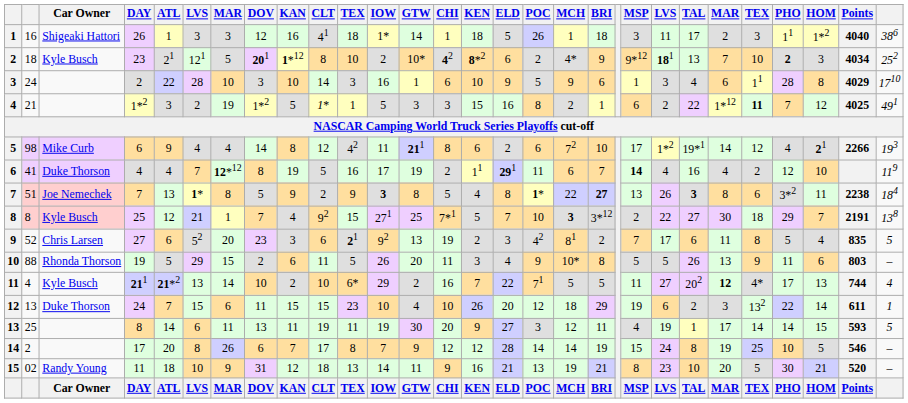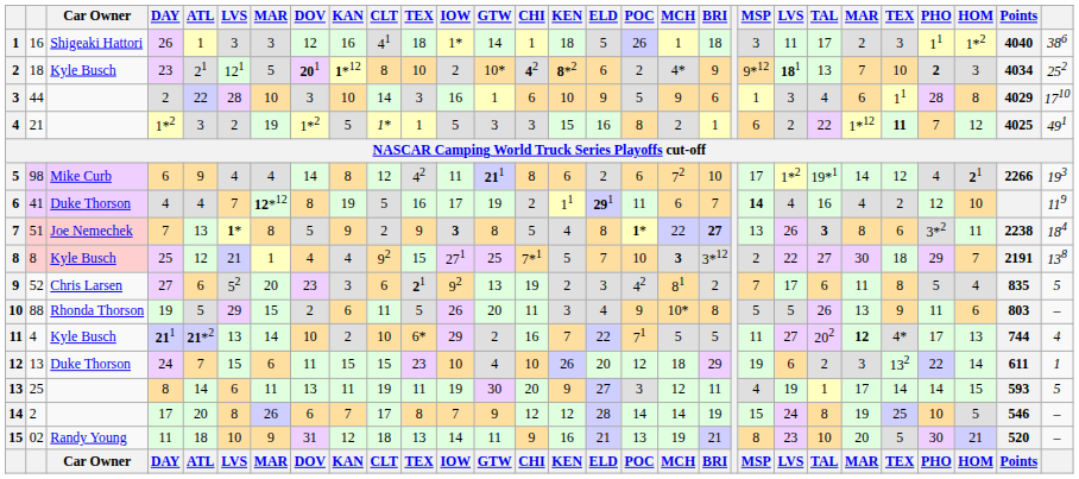 <table class="wikitable" style="font-size:77%; text-align:center;">
 <tr valign="top">
 <th valign="middle"></th>
 <th valign="middle"></th>
 <th valign="middle">Car Owner</th>
 <th><a href='#'>DAY</a></th>
 <th><a href='#'>ATL</a></th>
 <th><a href='#'>LVS</a></th>
 <th><a href='#'>MAR</a></th>
 <th><a href='#'>DOV</a></th>
 <th><a href='#'>KAN</a></th>
 <th><a href='#'>CLT</a></th>
 <th><a href='#'>TEX</a></th>
 <th><a href='#'>IOW</a></th>
 <th><a href='#'>GTW</a></th>
 <th><a href='#'>CHI</a></th>
 <th><a href='#'>KEN</a></th>
 <th><a href='#'>ELD</a></th>
 <th><a href='#'>POC</a></th>
 <th><a href='#'>MCH</a></th>
 <th><a href='#'>BRI</a></th>
 <th rowspan=5></th>
 <th><a href='#'>MSP</a></th>
 <th><a href='#'>LVS</a></th>
 <th><a href='#'>TAL</a></th>
 <th><a href='#'>MAR</a></th>
 <th><a href='#'>TEX</a></th>
 <th><a href='#'>PHO</a></th>
 <th><a href='#'>HOM</a></th>
 <th valign="middle"><a href='#'>Points</a></th>
 <th valign="middle"></th>
 </tr>
 <tr>
 <th>1</th>
 <td align="left">16</td>
 <td align="left"><a href='#'>Shigeaki Hattori</a></td>
 <td style="background:#efcfff">26</td>
 <td style="background:#ffffbf">1</td>
 <td style="background:#dfdfdf">3</td>
 <td style="background:#dfdfdf">3</td>
 <td style="background:#dfffdf">12</td>
 <td style="background:#dfffdf">16</td>
 <td style="background:#dfdfdf">4<sup>1</sup></td>
 <td style="background:#dfffdf">18</td>
 <td style="background:#ffffbf">1*</td>
 <td style="background:#dfffdf">14</td>
 <td style="background:#ffffbf">1</td>
 <td style="background:#dfffdf">18</td>
 <td style="background:#dfdfdf">5</td>
 <td style="background:#cfcfff">26</td>
 <td style="background:#ffffbf">1</td>
 <td style="background:#dfffdf">18</td>
 <td style="background:#dfdfdf">3</td>
 <td style="background:#dfffdf">11</td>
 <td style="background:#dfffdf">17</td>
 <td style="background:#dfdfdf">2</td>
 <td style="background:#dfdfdf">3</td>
 <td style="background:#ffffbf">1<sup>1</sup></td>
 <td style="background:#ffffbf">1*<sup>2</sup></td>
 <th>4040</th>
 <td><em>38<sup>6</sup></em></td>
 </tr>
 <tr>
 <th>2</th>
 <td align="left">18</td>
 <td align="left"><a href='#'>Kyle Busch</a></td>
 <td style="background:#efcfff">23</td>
 <td style="background:#dfdfdf">2<sup>1</sup></td>
 <td style="background:#dfffdf">12<sup>1</sup></td>
 <td style="background:#dfdfdf">5</td>
 <td style="background:#efcfff"><strong>20</strong><sup>1</sup></td>
 <td style="background:#ffffbf"><strong>1</strong>*<sup>12</sup></td>
 <td style="background:#ffdf9f">8</td>
 <td style="background:#ffdf9f">10</td>
 <td style="background:#dfdfdf">2</td>
 <td style="background:#ffdf9f">10*</td>
 <td style="background:#dfdfdf"><strong>4</strong><sup>2</sup></td>
 <td style="background:#ffdf9f"><strong>8</strong>*<sup>2</sup></td>
 <td style="background:#ffdf9f">6</td>
 <td style="background:#dfdfdf">2</td>
 <td style="background:#dfdfdf">4*</td>
 <td style="background:#ffdf9f">9</td>
 <td style="background:#ffdf9f">9*<sup>12</sup></td>
 <td style="background:#dfffdf"><strong>18</strong><sup>1</sup></td>
 <td style="background:#dfffdf">13</td>
 <td style="background:#ffdf9f">7</td>
 <td style="background:#ffdf9f">10</td>
 <td style="background:#dfdfdf"><strong>2</strong></td>
 <td style="background:#dfdfdf">3</td>
 <th>4034</th>
 <td><em>25<sup>2</sup></em></td>
 </tr>
 <tr>
 <th>3</th>
-<td align="left">24</td>
+<td align="left">44</td>
 <td align="left"></td>
 <td style="background:#dfdfdf">2</td>
 <td style="background:#cfcfff">22</td>
 <td style="background:#efcfff">28</td>
 <td style="background:#ffdf9f">10</td>
 <td style="background:#dfdfdf">3</td>
 <td style="background:#ffdf9f">10</td>
 <td style="background:#dfffdf">14</td>
 <td style="background:#dfdfdf">3</td>
 <td style="background:#dfffdf">16</td>
 <td style="background:#ffffbf">1</td>
 <td style="background:#ffdf9f">6</td>
 <td style="background:#ffdf9f">10</td>
 <td style="background:#ffdf9f">9</td>
 <td style="background:#dfdfdf">5</td>
 <td style="background:#ffdf9f">9</td>
 <td style="background:#ffdf9f">6</td>
 <td style="background:#ffffbf">1</td>
 <td style="background:#dfdfdf">3</td>
 <td style="background:#dfdfdf">4</td>
 <td style="background:#ffdf9f">6</td>
 <td style="background:#ffffbf">1<sup>1</sup></td>
 <td style="background:#efcfff">28</td>
 <td style="background:#ffdf9f">8</td>
 <th>4029</th>
 <td><em>17<sup>10</sup></em></td>
 </tr>
 <tr>
 <th>4</th>
 <td align="left">21</td>
 <td align="left"></td>
 <td style="background:#ffffbf">1*<sup>2</sup></td>
 <td style="background:#dfdfdf">3</td>
 <td style="background:#dfdfdf">2</td>
 <td style="background:#dfffdf">19</td>
 <td style="background:#ffffbf">1*<sup>2</sup></td>
 <td style="background:#dfdfdf">5</td>
 <td style="background:#ffffbf"><em>1</em>*</td>
 <td style="background:#ffffbf">1</td>
 <td style="background:#dfdfdf">5</td>
 <td style="background:#dfdfdf">3</td>
 <td style="background:#dfdfdf">3</td>
 <td style="background:#dfffdf">15</td>
 <td style="background:#dfffdf">16</td>
 <td style="background:#ffdf9f">8</td>
 <td style="background:#dfdfdf">2</td>
 <td style="background:#ffffbf">1</td>
 <td style="background:#ffdf9f">6</td>
 <td style="background:#dfdfdf">2</td>
 <td style="background:#efcfff">22</td>
 <td style="background:#ffffbf">1*<sup>12</sup></td>
 <td style="background:#dfffdf"><strong>11</strong></td>
 <td style="background:#ffdf9f">7</td>
 <td style="background:#dfffdf">12</td>
 <th>4025</th>
 <td><em>49<sup>1</sup></em></td>
 </tr>
 <tr>
 <th colspan="36"><a href='#'>NASCAR Camping World Truck Series Playoffs</a> cut-off</th>
 </tr>
 <tr>
 <th>5</th>
 <td style="background:#efcfff" align="left">98</td>
 <td style="background:#efcfff" align="left"><a href='#'>Mike Curb</a></td>
 <td style="background:#ffdf9f">6</td>
 <td style="background:#ffdf9f">9</td>
 <td style="background:#dfdfdf">4</td>
 <td style="background:#dfdfdf">4</td>
 <td style="background:#dfffdf">14</td>
 <td style="background:#ffdf9f">8</td>
 <td style="background:#dfffdf">12</td>
 <td style="background:#dfdfdf">4<sup>2</sup></td>
 <td style="background:#dfffdf">11</td>
 <td style="background:#cfcfff"><strong>21</strong><sup>1</sup></td>
 <td style="background:#ffdf9f">8</td>
 <td style="background:#ffdf9f">6</td>
 <td style="background:#dfdfdf">2</td>
 <td style="background:#ffdf9f">6</td>
 <td style="background:#ffdf9f">7<sup>2</sup></td>
 <td style="background:#ffdf9f">10</td>
 <th rowspan=12></th>
 <td style="background:#dfffdf">17</td>
 <td style="background:#ffffbf">1*<sup>2</sup></td>
 <td style="background:#dfffdf">19*<sup>1</sup></td>
 <td style="background:#dfffdf">14</td>
 <td style="background:#dfffdf">12</td>
 <td style="background:#dfdfdf">4</td>
 <td style="background:#dfdfdf"><strong>2</strong><sup>1</sup></td>
 <th>2266</th>
 <td><em>19<sup>3</sup></em></td>
 </tr>
 <tr>
 <th>6</th>
 <td style="background:#efcfff" align="left">41</td>
 <td style="background:#efcfff" align="left"><a href='#'>Duke Thorson</a></td>
 <td style="background:#dfdfdf">4</td>
 <td style="background:#dfdfdf">4</td>
 <td style="background:#ffdf9f">7</td>
 <td style="background:#dfffdf"><strong>12</strong>*<sup>12</sup></td>
 <td style="background:#ffdf9f">8</td>
 <td style="background:#dfffdf">19</td>
 <td style="background:#dfdfdf">5</td>
 <td style="background:#dfffdf">16</td>
 <td style="background:#dfffdf">17</td>
 <td style="background:#dfffdf">19</td>
 <td style="background:#dfdfdf">2</td>
 <td style="background:#ffffbf">1<sup>1</sup></td>
 <td style="background:#cfcfff"><strong>29</strong><sup>1</sup></td>
 <td style="background:#dfffdf">11</td>
 <td style="background:#ffdf9f">6</td>
 <td style="background:#ffdf9f">7</td>
 <td style="background:#dfffdf"><strong>14</strong></td>
 <td style="background:#dfdfdf">4</td>
 <td style="background:#dfffdf">16</td>
 <td style="background:#dfdfdf">4</td>
 <td style="background:#dfdfdf">2</td>
 <td style="background:#dfffdf">12</td>
 <td style="background:#ffdf9f">10</td>
 <th></th>
 <td><em>11<sup>9</sup></em></td>
 </tr>
 <tr>
 <th>7</th>
 <td style="background:#ffcfcf" align="left">51</td>
 <td style="background:#ffcfcf" align="left"><a href='#'>Joe Nemechek</a></td>
 <td style="background:#ffdf9f">7</td>
 <td style="background:#dfffdf">13</td>
 <td style="background:#ffffbf"><strong>1</strong>*</td>
 <td style="background:#ffdf9f">8</td>
 <td style="background:#dfdfdf">5</td>
 <td style="background:#ffdf9f">9</td>
 <td style="background:#dfdfdf">2</td>
 <td style="background:#ffdf9f">9</td>
 <td style="background:#dfdfdf"><strong>3</strong></td>
 <td style="background:#ffdf9f">8</td>
 <td style="background:#dfdfdf">5</td>
 <td style="background:#dfdfdf">4</td>
 <td style="background:#ffdf9f">8</td>
 <td style="background:#ffffbf"><strong>1</strong>*</td>
 <td style="background:#cfcfff">22</td>
 <td style="background:#cfcfff"><strong>27</strong></td>
 <td style="background:#dfffdf">13</td>
 <td style="background:#efcfff">26</td>
 <td style="background:#dfdfdf"><strong>3</strong></td>
 <td style="background:#ffdf9f">8</td>
 <td style="background:#ffdf9f">6</td>
 <td style="background:#dfdfdf">3*<sup>2</sup></td>
 <td style="background:#dfffdf">11</td>
 <th>2238</th>
 <td><em>18<sup>4</sup></em></td>
 </tr>
 <tr>
 <th>8</th>
 <td style="background:#ffcfcf" align="left">8</td>
 <td style="background:#ffcfcf" align="left"><a href='#'>Kyle Busch</a></td>
 <td style="background:#efcfff">25</td>
 <td style="background:#dfffdf">12</td>
 <td style="background:#cfcfff">21</td>
 <td style="background:#ffffbf">1</td>
-<td style="background:#ffdf9f">7</td>
+<td style="background:#ffdf9f">4</td>
 <td style="background:#dfdfdf">4</td>
 <td style="background:#ffdf9f">9<sup>2</sup></td>
 <td style="background:#dfffdf">15</td>
 <td style="background:#efcfff">27<sup>1</sup></td>
 <td style="background:#efcfff">25</td>
 <td style="background:#ffdf9f">7*<sup>1</sup></td>
 <td style="background:#dfdfdf">5</td>
 <td style="background:#ffdf9f">7</td>
 <td style="background:#ffdf9f">10</td>
 <td style="background:#dfdfdf"><strong>3</strong></td>
 <td style="background:#dfdfdf">3*<sup>12</sup></td>
 <td style="background:#dfdfdf">2</td>
 <td style="background:#efcfff">22</td>
 <td style="background:#efcfff">27</td>
 <td style="background:#efcfff">30</td>
 <td style="background:#dfffdf">18</td>
 <td style="background:#efcfff">29</td>
 <td style="background:#ffdf9f">7</td>
 <th>2191</th>
 <td><em>13<sup>8</sup></em></td>
 </tr>
 <tr>
 <th>9</th>
 <td align="left">52</td>
 <td align="left"><a href='#'>Chris Larsen</a></td>
 <td style="background:#efcfff">27</td>
 <td style="background:#ffdf9f">6</td>
 <td style="background:#dfdfdf">5<sup>2</sup></td>
 <td style="background:#dfffdf">20</td>
 <td style="background:#efcfff">23</td>
 <td style="background:#dfdfdf">3</td>
 <td style="background:#ffdf9f">6</td>
 <td style="background:#dfdfdf"><strong>2</strong><sup>1</sup></td>
 <td style="background:#ffdf9f">9<sup>2</sup></td>
 <td style="background:#dfffdf">13</td>
 <td style="background:#dfffdf">19</td>
 <td style="background:#dfdfdf">2</td>
 <td style="background:#dfdfdf">3</td>
 <td style="background:#dfdfdf">4<sup>2</sup></td>
 <td style="background:#ffdf9f">8<sup>1</sup></td>
 <td style="background:#dfdfdf">2</td>
 <td style="background:#ffdf9f">7</td>
 <td style="background:#dfffdf">17</td>
 <td style="background:#ffdf9f">6</td>
 <td style="background:#dfffdf">11</td>
 <td style="background:#ffdf9f">8</td>
 <td style="background:#dfdfdf">5</td>
 <td style="background:#dfdfdf">4</td>
 <th>835</th>
 <td><em>5</em></td>
 </tr>
 <tr>
 <th>10</th>
 <td align="left">88</td>
 <td align="left"><a href='#'>Rhonda Thorson</a></td>
 <td style="background:#dfffdf">19</td>
 <td style="background:#dfdfdf">5</td>
 <td style="background:#efcfff">29</td>
 <td style="background:#dfffdf">15</td>
 <td style="background:#dfdfdf">2</td>
 <td style="background:#ffdf9f">6</td>
 <td style="background:#dfffdf">11</td>
 <td style="background:#dfdfdf">5</td>
 <td style="background:#efcfff">26</td>
 <td style="background:#dfffdf">20</td>
 <td style="background:#dfffdf">11</td>
 <td style="background:#dfdfdf">3</td>
 <td style="background:#dfdfdf">4</td>
 <td style="background:#ffdf9f">9</td>
 <td style="background:#ffdf9f">10*</td>
 <td style="background:#ffdf9f">8</td>
 <td style="background:#dfdfdf">5</td>
 <td style="background:#dfdfdf">5</td>
 <td style="background:#efcfff">26</td>
 <td style="background:#dfffdf">13</td>
 <td style="background:#ffdf9f">9</td>
 <td style="background:#dfffdf">11</td>
 <td style="background:#ffdf9f">6</td>
 <th>803</th>
 <td><em>–</em></td>
 </tr>
 <tr>
 <th>11</th>
 <td align="left">4</td>
 <td align="left"><a href='#'>Kyle Busch</a></td>
 <td style="background:#cfcfff"><strong>21</strong><sup>1</sup></td>
 <td style="background:#cfcfff"><strong>21</strong>*<sup>2</sup></td>
 <td style="background:#dfffdf">13</td>
 <td style="background:#dfffdf">14</td>
 <td style="background:#ffdf9f">10</td>
 <td style="background:#dfdfdf">2</td>
 <td style="background:#ffdf9f">10</td>
 <td style="background:#ffdf9f">6*</td>
 <td style="background:#efcfff">29</td>
 <td style="background:#dfdfdf">2</td>
 <td style="background:#dfffdf">16</td>
 <td style="background:#ffdf9f">7</td>
 <td style="background:#cfcfff">22</td>
 <td style="background:#ffdf9f">7<sup>1</sup></td>
 <td style="background:#dfdfdf">5</td>
 <td style="background:#dfdfdf">5</td>
 <td style="background:#dfffdf">11</td>
 <td style="background:#efcfff">27</td>
 <td style="background:#efcfff">20<sup>2</sup></td>
 <td style="background:#dfffdf"><strong>12</strong></td>
 <td style="background:#dfdfdf">4*</td>
 <td style="background:#dfffdf">17</td>
 <td style="background:#dfffdf">13</td>
 <th>744</th>
 <td><em>4</em></td>
 </tr>
 <tr>
 <th>12</th>
 <td align="left">13</td>
 <td align="left"><a href='#'>Duke Thorson</a></td>
 <td style="background:#efcfff">24</td>
 <td style="background:#ffdf9f">7</td>
 <td style="background:#dfffdf">15</td>
 <td style="background:#ffdf9f">6</td>
 <td style="background:#dfffdf">11</td>
 <td style="background:#dfffdf">15</td>
 <td style="background:#dfffdf">15</td>
 <td style="background:#efcfff">23</td>
 <td style="background:#ffdf9f">10</td>
 <td style="background:#dfdfdf">4</td>
 <td style="background:#ffdf9f">10</td>
 <td style="background:#cfcfff">26</td>
 <td style="background:#dfffdf">20</td>
 <td style="background:#dfffdf">12</td>
 <td style="background:#dfffdf">18</td>
 <td style="background:#efcfff">29</td>
 <td style="background:#dfffdf">19</td>
 <td style="background:#ffdf9f">6</td>
 <td style="background:#dfdfdf">2</td>
 <td style="background:#dfdfdf">3</td>
 <td style="background:#dfffdf">13<sup>2</sup></td>
 <td style="background:#cfcfff">22</td>
 <td style="background:#dfffdf">14</td>
 <th>611</th>
 <td><em>1</em></td>
 </tr>
 <tr>
 <th>13</th>
 <td align="left">25</td>
 <td align="left"></td>
 <td style="background:#ffdf9f">8</td>
 <td style="background:#dfffdf">14</td>
 <td style="background:#ffdf9f">6</td>
 <td style="background:#dfffdf">11</td>
 <td style="background:#dfffdf">13</td>
 <td style="background:#dfffdf">11</td>
 <td style="background:#dfffdf">19</td>
 <td style="background:#dfffdf">11</td>
 <td style="background:#dfffdf">19</td>
 <td style="background:#efcfff">30</td>
 <td style="background:#dfffdf">20</td>
 <td style="background:#ffdf9f">9</td>
 <td style="background:#cfcfff">27</td>
 <td style="background:#dfdfdf">3</td>
 <td style="background:#dfffdf">12</td>
 <td style="background:#dfffdf">11</td>
 <td style="background:#dfdfdf">4</td>
 <td style="background:#dfffdf">19</td>
 <td style="background:#ffffbf">1</td>
 <td style="background:#dfffdf">17</td>
 <td style="background:#dfffdf">14</td>
 <td style="background:#dfffdf">14</td>
 <td style="background:#dfffdf">15</td>
 <th>593</th>
 <td><em>5</em></td>
 </tr>
 <tr>
 <th>14</th>
 <td align="left">2</td>
 <td align="left"></td>
 <td style="background:#dfffdf">17</td>
 <td style="background:#dfffdf">20</td>
 <td style="background:#ffdf9f">8</td>
 <td style="background:#cfcfff">26</td>
 <td style="background:#ffdf9f">6</td>
 <td style="background:#ffdf9f">7</td>
 <td style="background:#dfffdf">17</td>
 <td style="background:#ffdf9f">8</td>
 <td style="background:#ffdf9f">7</td>
 <td style="background:#ffdf9f">9</td>
 <td style="background:#dfffdf">12</td>
 <td style="background:#dfffdf">12</td>
 <td style="background:#cfcfff">28</td>
 <td style="background:#dfffdf">14</td>
 <td style="background:#dfffdf">14</td>
 <td style="background:#dfffdf">19</td>
 <td style="background:#dfffdf">15</td>
 <td style="background:#efcfff">24</td>
 <td style="background:#ffdf9f">8</td>
 <td style="background:#dfffdf">19</td>
 <td style="background:#cfcfff">25</td>
 <td style="background:#ffdf9f">10</td>
 <td style="background:#dfdfdf">5</td>
 <th>546</th>
 <td><em>–</em></td>
 </tr>
 <tr>
 <th>15</th>
 <td align="left">02</td>
 <td align="left"><a href='#'>Randy Young</a></td>
 <td style="background:#dfffdf">11</td>
 <td style="background:#dfffdf">18</td>
 <td style="background:#ffdf9f">10</td>
 <td style="background:#ffdf9f">9</td>
 <td style="background:#efcfff">31</td>
 <td style="background:#dfffdf">12</td>
 <td style="background:#dfffdf">18</td>
 <td style="background:#dfffdf">13</td>
 <td style="background:#dfffdf">14</td>
 <td style="background:#dfffdf">11</td>
 <td style="background:#ffdf9f">9</td>
 <td style="background:#dfffdf">16</td>
 <td style="background:#cfcfff">21</td>
 <td style="background:#dfffdf">13</td>
 <td style="background:#dfffdf">19</td>
 <td style="background:#cfcfff">21</td>
 <td style="background:#ffdf9f">8</td>
 <td style="background:#efcfff">23</td>
 <td style="background:#ffdf9f">10</td>
 <td style="background:#dfffdf">20</td>
 <td style="background:#dfdfdf">5</td>
 <td style="background:#efcfff">30</td>
 <td style="background:#cfcfff">21</td>
 <th>520</th>
 <td><em>–</em></td>
 </tr>
 <tr>
 <th valign="middle"></th>
 <th valign="middle"></th>
 <th valign="middle">Car Owner</th>
 <th><a href='#'>DAY</a></th>
 <th><a href='#'>ATL</a></th>
 <th><a href='#'>LVS</a></th>
 <th><a href='#'>MAR</a></th>
 <th><a href='#'>DOV</a></th>
 <th><a href='#'>KAN</a></th>
 <th><a href='#'>CLT</a></th>
 <th><a href='#'>TEX</a></th>
 <th><a href='#'>IOW</a></th>
 <th><a href='#'>GTW</a></th>
 <th><a href='#'>CHI</a></th>
 <th><a href='#'>KEN</a></th>
 <th><a href='#'>ELD</a></th>
 <th><a href='#'>POC</a></th>
 <th><a href='#'>MCH</a></th>
 <th><a href='#'>BRI</a></th>
 <th><a href='#'>MSP</a></th>
 <th><a href='#'>LVS</a></th>
 <th><a href='#'>TAL</a></th>
 <th><a href='#'>MAR</a></th>
 <th><a href='#'>TEX</a></th>
 <th><a href='#'>PHO</a></th>
 <th><a href='#'>HOM</a></th>
 <th valign="middle"><a href='#'>Points</a></th>
 <th valign="middle"></th>
 </tr>
 </table>
